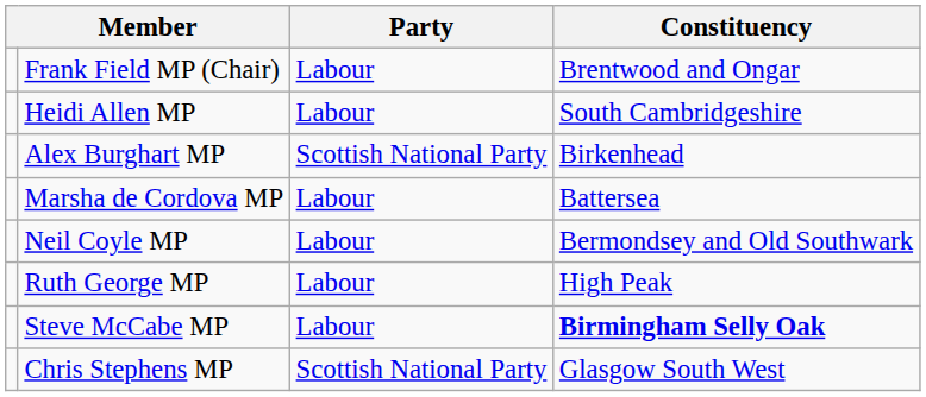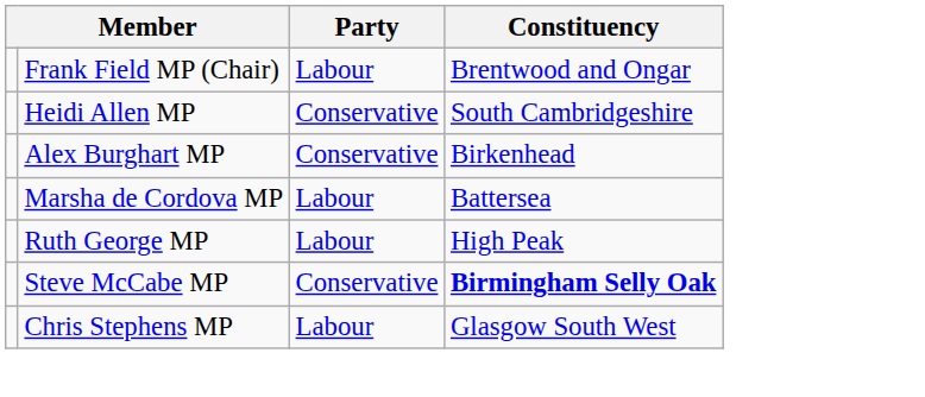 <table class="wikitable">
 <tr>
 <th colspan="2" valign="top">Member</th>
 <th valign="top">Party</th>
 <th valign="top">Constituency</th>
 </tr>
 <tr>
 <td style="color:inherit;background:"></td>
 <td><a href='#'>Frank Field</a> MP (Chair)</td>
 <td><a href='#'>Labour</a></td>
 <td><a href='#'>Brentwood and Ongar</a></td>
 </tr>
 <tr>
 <td style="color:inherit;background:"></td>
 <td><a href='#'>Heidi Allen</a> MP</td>
-<td><a href='#'>Labour</a></td>
+<td><a href='#'>Conservative</a></td>
 <td><a href='#'>South Cambridgeshire</a></td>
 </tr>
 <tr>
 <td style="color:inherit;background:"></td>
 <td><a href='#'>Alex Burghart</a> MP</td>
-<td><a href='#'>Scottish National Party</a></td>
+<td><a href='#'>Conservative</a></td>
 <td><a href='#'>Birkenhead</a></td>
 </tr>
 <tr>
 <td style="color:inherit;background:"></td>
 <td><a href='#'>Marsha de Cordova</a> MP</td>
 <td><a href='#'>Labour</a></td>
 <td><a href='#'>Battersea</a></td>
 </tr>
 <tr>
 <td style="color:inherit;background:"></td>
-<td><a href='#'>Neil Coyle</a> MP</td>
-<td><a href='#'>Labour</a></td>
-<td><a href='#'>Bermondsey and Old Southwark</a></td>
-</tr>
-<tr>
-<td style="color:inherit;background:"></td>
 <td><a href='#'>Ruth George</a> MP</td>
 <td><a href='#'>Labour</a></td>
 <td><a href='#'>High Peak</a></td>
 </tr>
 <tr>
 <td style="color:inherit;background:"></td>
 <td><a href='#'>Steve McCabe</a> MP</td>
-<td><a href='#'>Labour</a></td>
+<td><a href='#'>Conservative</a></td>
 <td><strong><a href='#'>Birmingham Selly Oak</a></strong></td>
 </tr>
 <tr>
 <td style="color:inherit;background:"></td>
 <td><a href='#'>Chris Stephens</a> MP</td>
-<td><a href='#'>Scottish National Party</a></td>
+<td><a href='#'>Labour</a></td>
 <td><a href='#'>Glasgow South West</a></td>
 </tr>
 </table>
